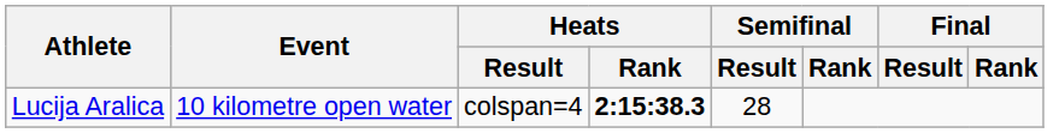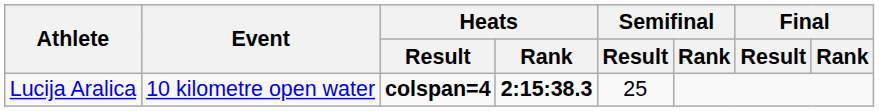 <table class="wikitable" border="1" style="font-size:90%; text-align:center">
 <tr>
 <th rowspan="2">Athlete</th>
 <th rowspan="2">Event</th>
 <th colspan="2">Heats</th>
 <th colspan="2">Semifinal</th>
 <th colspan="2">Final</th>
 </tr>
 <tr>
 <th>Result</th>
 <th>Rank</th>
 <th>Result</th>
 <th>Rank</th>
 <th>Result</th>
 <th>Rank</th>
 </tr>
 <tr>
 <td align="left"><a href='#'>Lucija Aralica</a></td>
 <td align="left"><a href='#'>10 kilometre open water</a></td>
-<td>colspan=4</td>
+<td><strong>colspan=4</strong></td>
 <td><strong>2:15:38.3</strong></td>
-<td>28</td>
+<td>25</td>
 </tr>
 </table>
